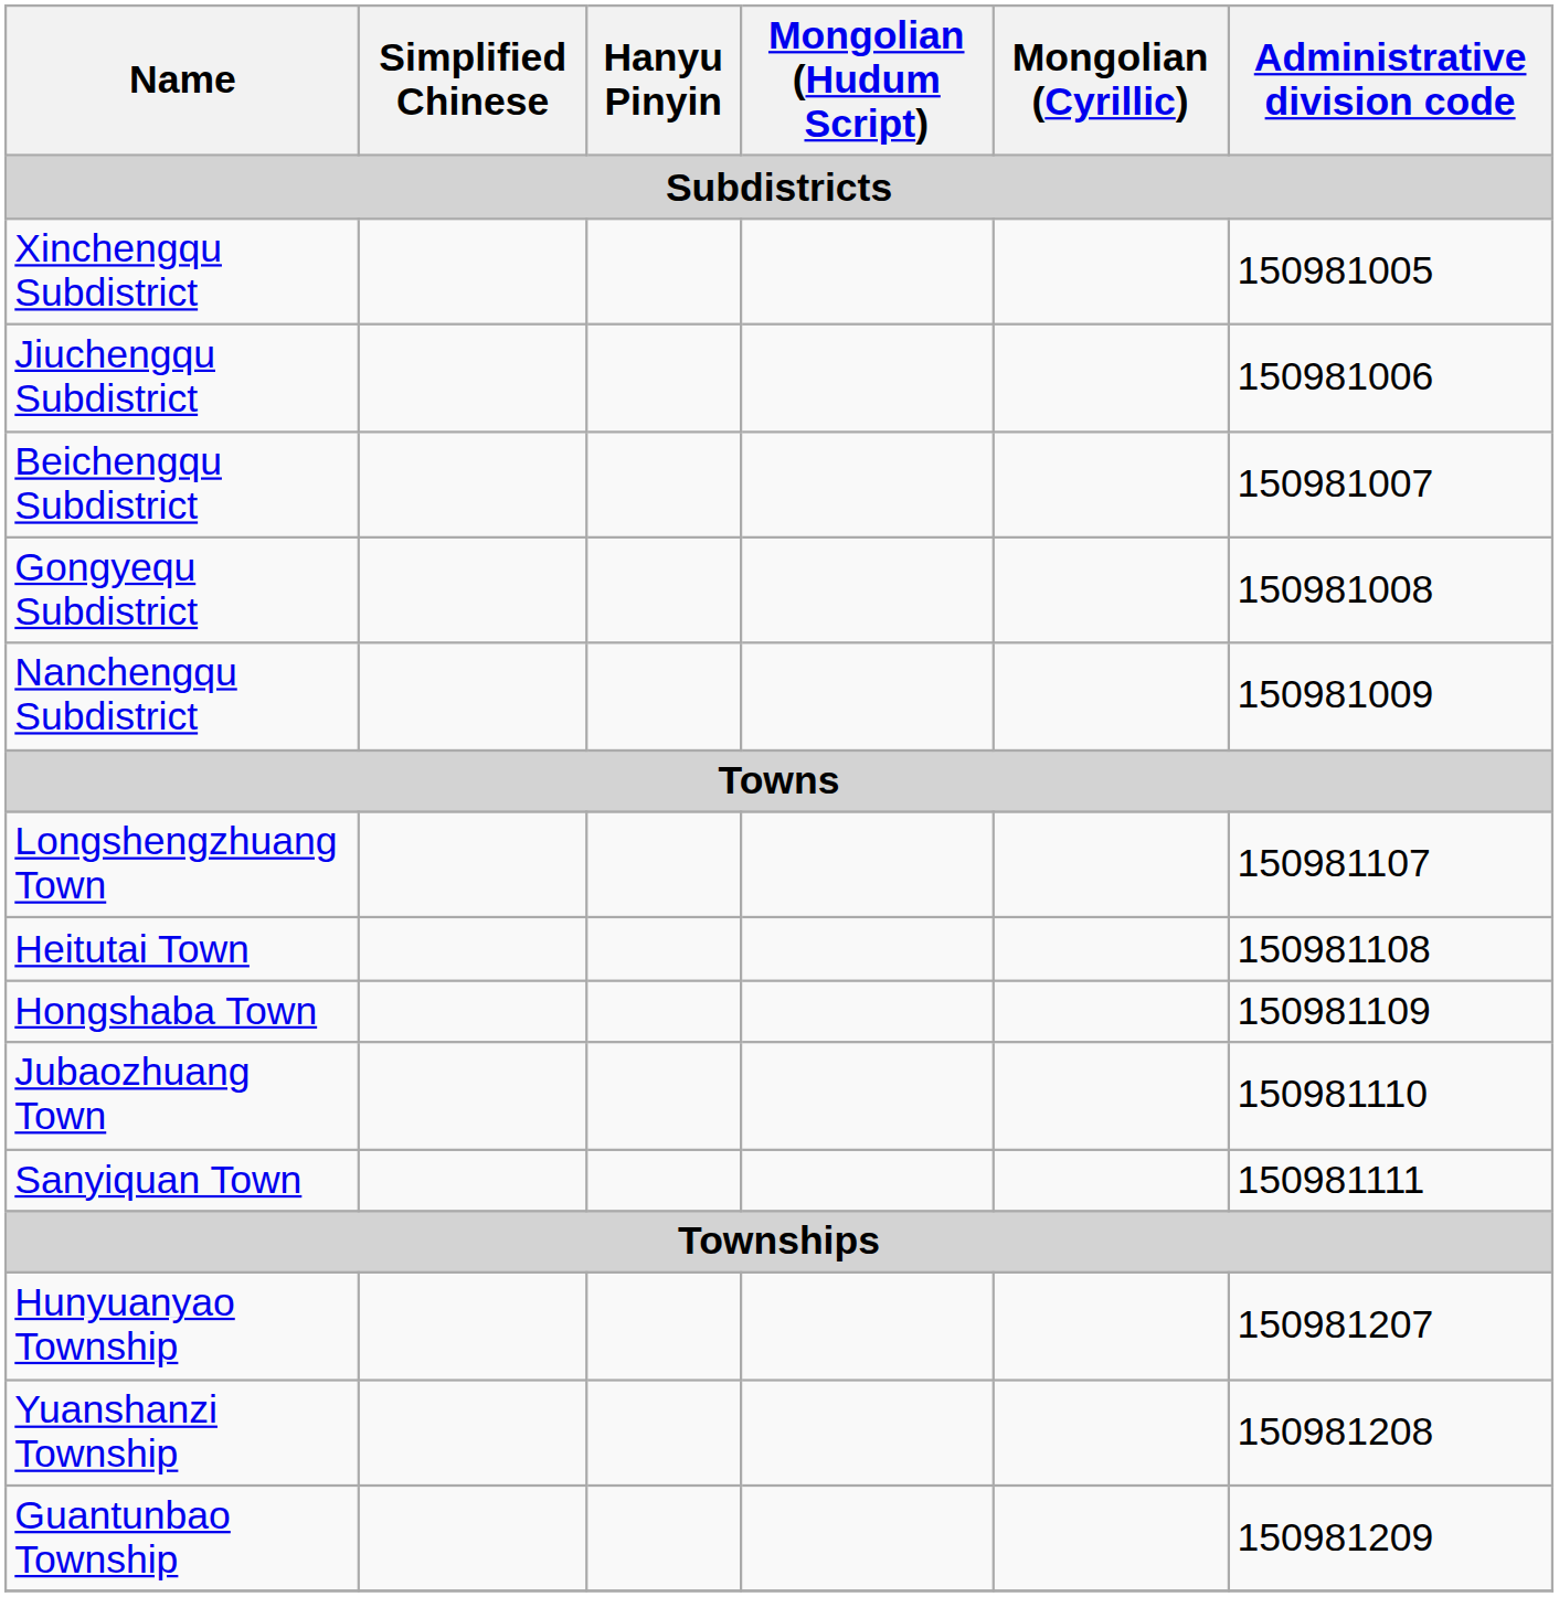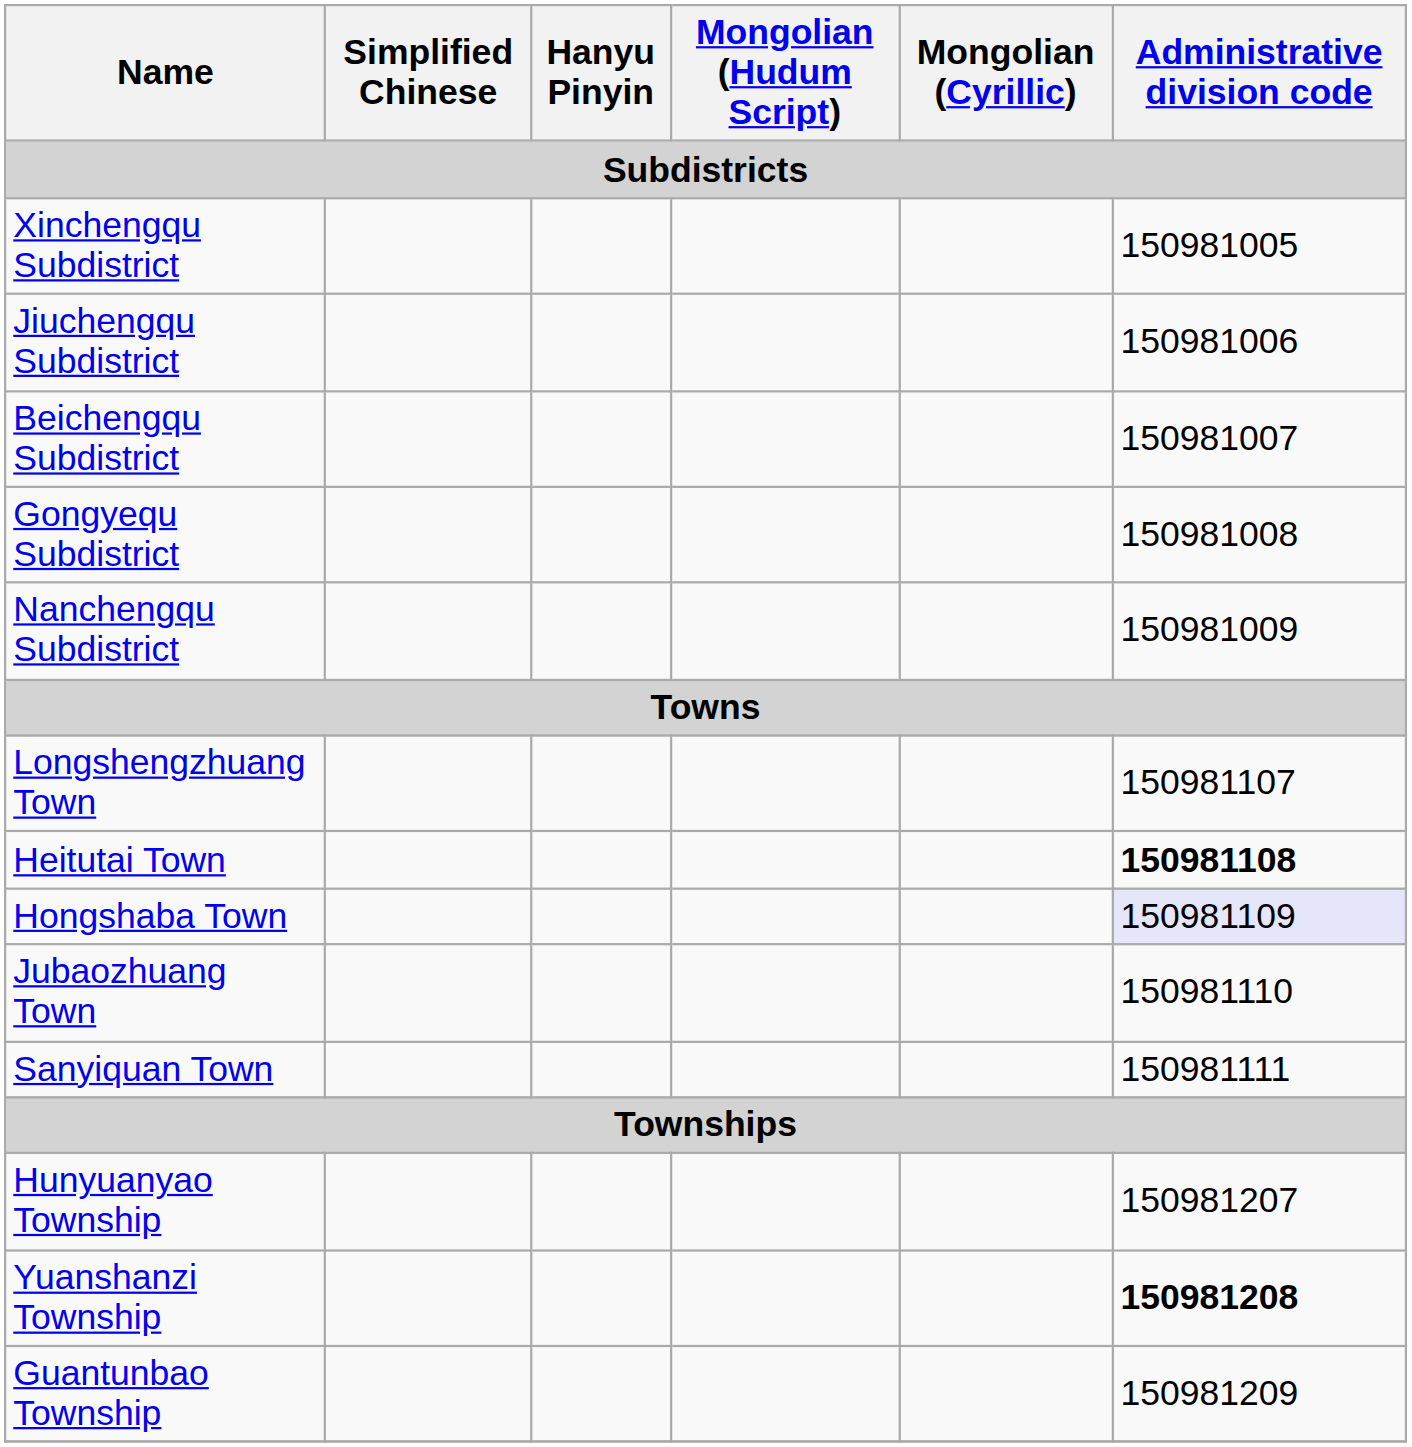 <table class="wikitable" align="center" style="width:50%; border="1">
 <tr>
 <th>Name</th>
 <th>Simplified Chinese</th>
 <th>Hanyu Pinyin</th>
 <th><a href='#'>Mongolian</a> (<a href='#'>Hudum Script</a>)</th>
 <th>Mongolian (<a href='#'>Cyrillic</a>)</th>
 <th><a href='#'>Administrative division code</a></th>
 </tr>
 <tr>
 <td colspan="6"  style="text-align:center; background:#d3d3d3;"><strong>Subdistricts</strong></td>
 </tr>
 <tr --------->
 <td><a href='#'>Xinchengqu Subdistrict</a></td>
 <td></td>
 <td></td>
 <td></td>
 <td></td>
 <td>150981005</td>
 </tr>
 <tr>
 <td><a href='#'>Jiuchengqu Subdistrict</a></td>
 <td></td>
 <td></td>
 <td></td>
 <td></td>
 <td>150981006</td>
 </tr>
 <tr>
 <td><a href='#'>Beichengqu Subdistrict</a></td>
 <td></td>
 <td></td>
 <td></td>
 <td></td>
 <td>150981007</td>
 </tr>
 <tr>
 <td><a href='#'>Gongyequ Subdistrict</a></td>
 <td></td>
 <td></td>
 <td></td>
 <td></td>
 <td>150981008</td>
 </tr>
 <tr>
 <td><a href='#'>Nanchengqu Subdistrict</a></td>
 <td></td>
 <td></td>
 <td></td>
 <td></td>
 <td>150981009</td>
 </tr>
 <tr>
 <td colspan="6"  style="text-align:center; background:#d3d3d3;"><strong>Towns</strong></td>
 </tr>
 <tr --------->
 <td><a href='#'>Longshengzhuang Town</a></td>
 <td></td>
 <td></td>
 <td></td>
 <td></td>
 <td>150981107</td>
 </tr>
 <tr>
 <td><a href='#'>Heitutai Town</a></td>
 <td></td>
 <td></td>
 <td></td>
 <td></td>
-<td>150981108</td>
+<td><strong>150981108</strong></td>
 </tr>
 <tr>
 <td><a href='#'>Hongshaba Town</a></td>
 <td></td>
 <td></td>
 <td></td>
 <td></td>
-<td>150981109</td>
+<td style="background: lavender;">150981109</td>
 </tr>
 <tr>
 <td><a href='#'>Jubaozhuang Town</a></td>
 <td></td>
 <td></td>
 <td></td>
 <td></td>
 <td>150981110</td>
 </tr>
 <tr>
 <td><a href='#'>Sanyiquan Town</a></td>
 <td></td>
 <td></td>
 <td></td>
 <td></td>
 <td>150981111</td>
 </tr>
 <tr>
 <td colspan="6"  style="text-align:center; background:#d3d3d3;"><strong>Townships</strong></td>
 </tr>
 <tr --------->
 <td><a href='#'>Hunyuanyao Township</a></td>
 <td></td>
 <td></td>
 <td></td>
 <td></td>
 <td>150981207</td>
 </tr>
 <tr>
 <td><a href='#'>Yuanshanzi Township</a></td>
 <td></td>
 <td></td>
 <td></td>
 <td></td>
-<td>150981208</td>
+<td><strong>150981208</strong></td>
 </tr>
 <tr>
 <td><a href='#'>Guantunbao Township</a></td>
 <td></td>
 <td></td>
 <td></td>
 <td></td>
 <td>150981209</td>
 </tr>
 <tr>
 </tr>
 </table>
